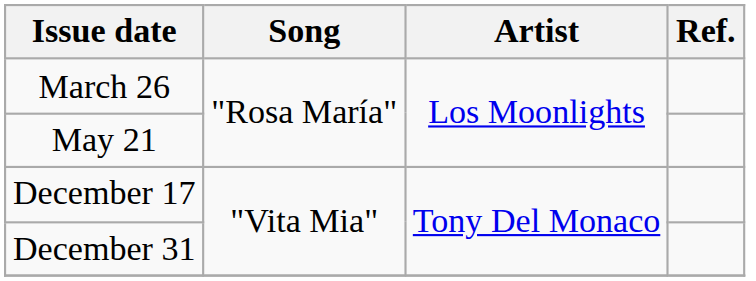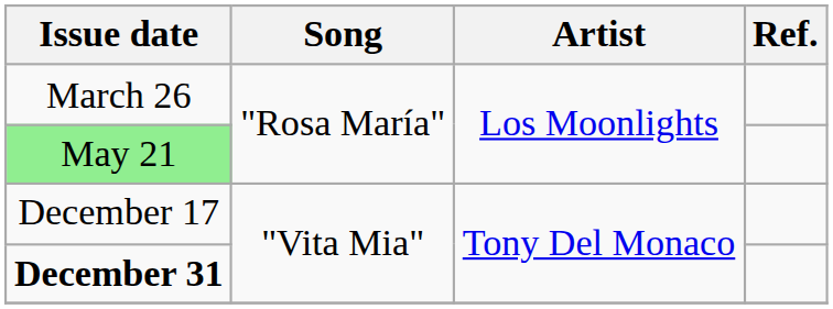 <table class="wikitable">
 <tr>
 <th>Issue date</th>
 <th>Song</th>
 <th>Artist</th>
 <th>Ref.</th>
 </tr>
 <tr>
 <td align="center">March 26</td>
 <td align="center" rowspan=2>"Rosa María"</td>
 <td align="center" rowspan=2><a href='#'>Los Moonlights</a></td>
 <td align="center"></td>
 </tr>
 <tr>
-<td align="center">May 21</td>
+<td align="center" style="background: lightgreen;">May 21</td>
 <td align="center"></td>
 </tr>
 <tr>
 <td align="center">December 17</td>
 <td align="center" rowspan=2>"Vita Mia"</td>
 <td align="center" rowspan=2><a href='#'>Tony Del Monaco</a></td>
 <td align="center"></td>
 </tr>
 <tr>
-<td align="center">December 31</td>
+<td align="center"><strong>December 31</strong></td>
 <td align="center"></td>
 </tr>
 <tr>
 </tr>
 </table>
